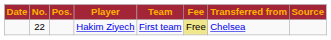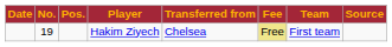 <table class="wikitable plainrowheaders sortable">
 <tr>
 <th style="background:#A32638; color:#FFB300; ">Date</th>
 <th style="background:#A32638; color:#FFB300; ">No.</th>
 <th style="background:#A32638; color:#FFB300; ">Pos.</th>
 <th style="background:#A32638; color:#FFB300; ">Player</th>
+<th style="background:#A32638; color:#FFB300; ">Transferred from</th>
+<th style="background:#A32638; color:#FFB300; ">Fee</th>
 <th style="background:#A32638; color:#FFB300; ">Team</th>
-<th style="background:#A32638; color:#FFB300; ">Fee</th>
-<th style="background:#A32638; color:#FFB300; ">Transferred from</th>
 <th style="background:#A32638; color:#FFB300; ">Source</th>
 </tr>
 <tr>
 <td></td>
-<td align=center>22</td>
+<td align=center>19</td>
 <td align=center></td>
 <td> <a href='#'>Hakim Ziyech</a></td>
+<td> <a href='#'>Chelsea</a></td>
+<td style="background: khaki;">Free</td>
 <td><a href='#'>First team</a></td>
-<td style="background: khaki;">Free</td>
-<td> <a href='#'>Chelsea</a></td>
 <td align=center></td>
 </tr>
 </table>
